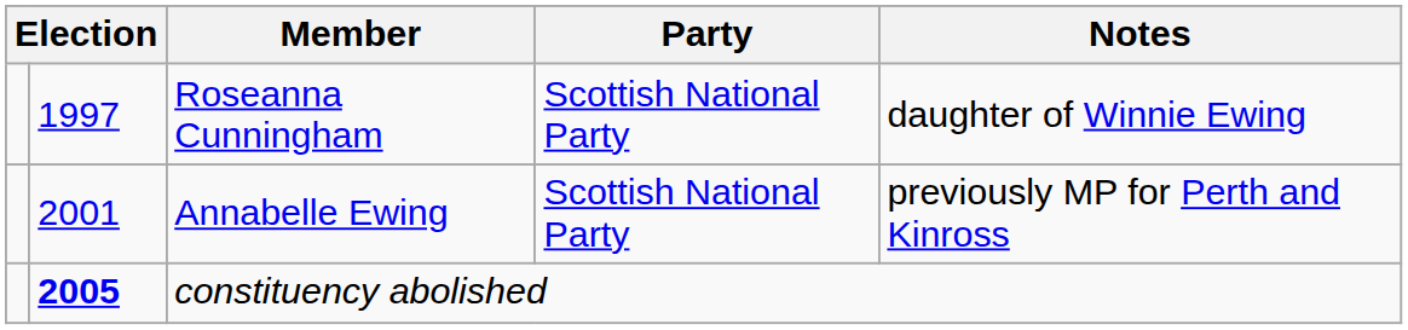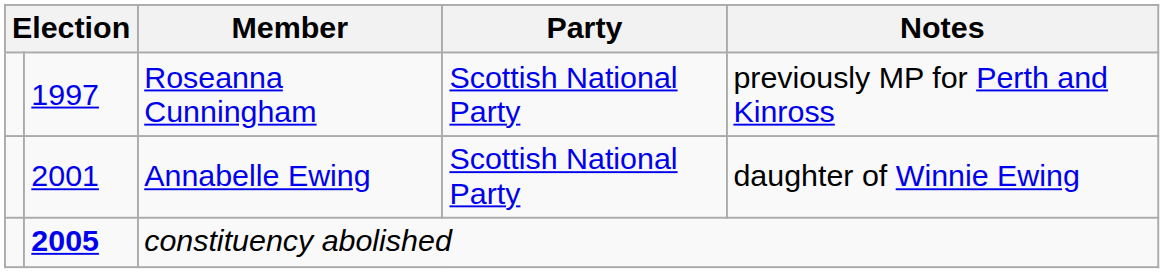 <table class="wikitable">
 <tr>
 <th colspan="2">Election</th>
 <th>Member</th>
 <th>Party</th>
 <th>Notes</th>
 </tr>
 <tr>
 <td style="color:inherit;background-color:"></td>
 <td><a href='#'>1997</a></td>
 <td><a href='#'>Roseanna Cunningham</a></td>
 <td><a href='#'>Scottish National Party</a></td>
-<td>daughter of <a href='#'>Winnie Ewing</a></td>
+<td>previously MP for <a href='#'>Perth and Kinross</a></td>
 </tr>
 <tr>
 <td style="color:inherit;background-color:"></td>
 <td><a href='#'>2001</a></td>
 <td><a href='#'>Annabelle Ewing</a></td>
 <td><a href='#'>Scottish National Party</a></td>
-<td>previously MP for <a href='#'>Perth and Kinross</a></td>
+<td>daughter of <a href='#'>Winnie Ewing</a></td>
 </tr>
 <tr>
 <td></td>
 <td><strong><a href='#'>2005</a></strong></td>
 <td colspan="3"><em>constituency abolished</em></td>
 </tr>
 </table>
